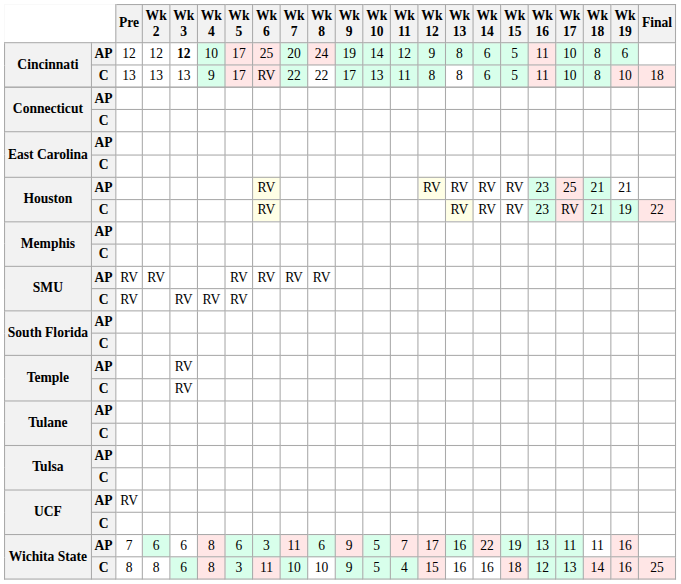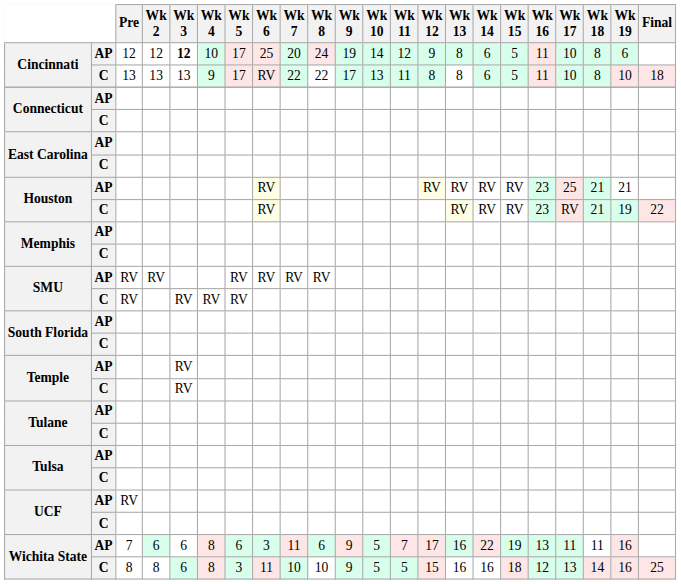 <table class="wikitable" style="white-space:nowrap;font-size:80%;">
 <tr>
 <th colspan="2" style="background:white; border-top-style:hidden; border-left-style:hidden;"> </th>
 <th>Pre</th>
 <th>Wk<br>2</th>
 <th>Wk<br>3</th>
 <th>Wk<br>4</th>
 <th>Wk<br>5</th>
 <th>Wk<br>6</th>
 <th>Wk<br>7</th>
 <th>Wk<br>8</th>
 <th>Wk<br>9</th>
 <th>Wk<br>10</th>
 <th>Wk<br>11</th>
 <th>Wk<br>12</th>
 <th>Wk<br>13</th>
 <th>Wk<br>14</th>
 <th>Wk<br>15</th>
 <th>Wk<br>16</th>
 <th>Wk<br>17</th>
 <th>Wk<br>18</th>
 <th>Wk<br>19</th>
 <th>Final</th>
 </tr>
 <tr style="text-align:center;">
 <th rowspan="2" style=>Cincinnati</th>
 <th>AP</th>
 <td style="background:#FFF;">12</td>
 <td style="background:#FFF;">12</td>
 <td style="background:#FFF;"><strong>12</strong></td>
 <td style="background:#d8ffeb;">10</td>
 <td style="background:#FFe6e6;">17</td>
 <td style="background:#FFe6e6;">25</td>
 <td style="background:#d8ffeb;">20</td>
 <td style="background:#FFe6e6;">24</td>
 <td style="background:#d8ffeb;">19</td>
 <td style="background:#d8ffeb;">14</td>
 <td style="background:#d8ffeb;">12</td>
 <td style="background:#d8ffeb;">9</td>
 <td style="background:#d8ffeb;">8</td>
 <td style="background:#D8FFEB;">6</td>
 <td style="background:#D8FFEB;">5</td>
 <td style="background:#FFE6E6;">11</td>
 <td style="background:#D8FFEB;">10</td>
 <td style="background:#D8FFEB;">8</td>
 <td style="background:#D8FFEB;">6</td>
 <td style="background:#FFF;"></td>
 </tr>
 <tr style="text-align:center;">
 <th>C</th>
 <td style="background:#FFF;">13</td>
 <td style="background:#FFF;">13</td>
 <td style="background:#FFF;">13</td>
 <td style="background:#d8ffeb;">9</td>
 <td style="background:#FFe6e6;">17</td>
 <td style="background:#FFe6e6;">RV</td>
 <td style="background:#d8ffeb;">22</td>
 <td style="background:#FFF;">22</td>
 <td style="background:#d8ffeb;">17</td>
 <td style="background:#d8ffeb;">13</td>
 <td style="background:#d8ffeb;">11</td>
 <td style="background:#d8ffeb;">8</td>
 <td style="background:#FFF;">8</td>
 <td style="background:#D8FFEB;">6</td>
 <td style="background:#D8FFEB;">5</td>
 <td style="background:#FFE6E6;">11</td>
 <td style="background:#D8FFEB;">10</td>
 <td style="background:#D8FFEB;">8</td>
 <td style="background:#FFE6E6;">10</td>
 <td style="background:#FFE6E6;">18</td>
 </tr>
 <tr style="text-align:center;">
 </tr>
 <tr style="text-align:center;">
 <th rowspan="2">Connecticut</th>
 <th>AP</th>
 <td style="background:#FFF;"></td>
 <td style="background:#Fff;"></td>
 <td style="background:#FFF;"></td>
 <td style="background:#FFF;"></td>
 <td style="background:#FFF;"></td>
 <td style="background:#FFF;"></td>
 <td style="background:#FFF;"></td>
 <td style="background:#FFF;"></td>
 <td style="background:#FFF;"></td>
 <td style="background:#FFF;"></td>
 <td style="background:#FFF;"></td>
 <td style="background:#FFF;"></td>
 <td style="background:#FFF;"></td>
 <td style="background:#FFF;"></td>
 <td style="background:#FFF;"></td>
 <td style="background:#FFF;"></td>
 <td style="background:#FFF;"></td>
 <td style="background:#FFF;"></td>
 <td style="background:#FFF;"></td>
 <td style="background:#FFF;"></td>
 </tr>
 <tr style="text-align:center;">
 <th>C</th>
 <td style="background:#FFF;"></td>
 <td style="background:#FFf;"></td>
 <td style="background:#FFF;"></td>
 <td style="background:#FFF;"></td>
 <td style="background:#FFF;"></td>
 <td style="background:#FFF;"></td>
 <td style="background:#FFF;"></td>
 <td style="background:#FFF;"></td>
 <td style="background:#FFF;"></td>
 <td style="background:#FFF;"></td>
 <td style="background:#FFF;"></td>
 <td style="background:#FFF;"></td>
 <td style="background:#FFF;"></td>
 <td style="background:#FFF;"></td>
 <td style="background:#FFF;"></td>
 <td style="background:#FFF;"></td>
 <td style="background:#FFF;"></td>
 <td style="background:#FFF;"></td>
 <td style="background:#FFF;"></td>
 <td style="background:#FFF;"></td>
 </tr>
 <tr style="text-align:center;">
 <th rowspan="2" style=>East Carolina</th>
 <th>AP</th>
 <td style="background:#FFF;"></td>
 <td style="background:#FFF;"></td>
 <td style="background:#FFF;"></td>
 <td style="background:#FFF;"></td>
 <td style="background:#FFF;"></td>
 <td style="background:#FFF;"></td>
 <td style="background:#FFF;"></td>
 <td style="background:#FFF;"></td>
 <td style="background:#FFF;"></td>
 <td style="background:#FFF;"></td>
 <td style="background:#FFF;"></td>
 <td style="background:#FFF;"></td>
 <td style="background:#FFF;"></td>
 <td style="background:#FFF;"></td>
 <td style="background:#FFF;"></td>
 <td style="background:#FFF;"></td>
 <td style="background:#FFF;"></td>
 <td style="background:#FFF;"></td>
 <td style="background:#FFF;"></td>
 <td style="background:#FFF;"></td>
 </tr>
 <tr style="text-align:center;">
 <th>C</th>
 <td style="background:#FFF;"></td>
 <td style="background:#FFF;"></td>
 <td style="background:#FFF;"></td>
 <td style="background:#FFF;"></td>
 <td style="background:#FFF;"></td>
 <td style="background:#FFF;"></td>
 <td style="background:#FFF;"></td>
 <td style="background:#FFF;"></td>
 <td style="background:#FFF;"></td>
 <td style="background:#FFF;"></td>
 <td style="background:#FFF;"></td>
 <td style="background:#FFF;"></td>
 <td style="background:#FFF;"></td>
 <td style="background:#FFF;"></td>
 <td style="background:#FFF;"></td>
 <td style="background:#FFF;"></td>
 <td style="background:#FFF;"></td>
 <td style="background:#FFF;"></td>
 <td style="background:#FFF;"></td>
 <td style="background:#FFF;"></td>
 </tr>
 <tr style="text-align:center;">
 <th rowspan="2">Houston</th>
 <th>AP</th>
 <td style="background:#FFF;"></td>
 <td style="background:#FFF;"></td>
 <td style="background:#FFF;"></td>
 <td style="background:#FFF;"></td>
 <td style="background:#FFF;"></td>
 <td style="background:#FFFFE6;">RV</td>
 <td style="background:#FFF;"></td>
 <td style="background:#FFF;"></td>
 <td style="background:#FFF;"></td>
 <td style="background:#FFF;"></td>
 <td style="background:#FFF;"></td>
 <td style="background:#FFFFE6;">RV</td>
 <td style="background:#FFF;">RV</td>
 <td style="background:#FFF;">RV</td>
 <td style="background:#FFF;">RV</td>
 <td style="background:#D8FFEB;">23</td>
 <td style="background:#FFE6E6;">25</td>
 <td style="background:#D8FFEB;">21</td>
 <td style="background:#FFF;">21</td>
 <td style="background:#FFF;"></td>
 </tr>
 <tr style="text-align:center;">
 <th>C</th>
 <td style="background:#FFF;"></td>
 <td style="background:#FFF;"></td>
 <td style="background:#FFF;"></td>
 <td style="background:#FFF;"></td>
 <td style="background:#FFF;"></td>
 <td style="background:#FFFFE6;">RV</td>
 <td style="background:#FFF;"></td>
 <td style="background:#FFF;"></td>
 <td style="background:#FFF;"></td>
 <td style="background:#FFF;"></td>
 <td style="background:#FFF;"></td>
 <td style="background:#FFF;"></td>
 <td style="background:#FFFFE6;">RV</td>
 <td style="background:#FFF;">RV</td>
 <td style="background:#FFF;">RV</td>
 <td style="background:#D8FFEB;">23</td>
 <td style="background:#FFE6E6;">RV</td>
 <td style="background:#D8FFEB;">21</td>
 <td style="background:#D8FFEB;">19</td>
 <td style="background:#FFE6E6;">22</td>
 </tr>
 <tr style="text-align:center;">
 <th rowspan="2">Memphis</th>
 <th>AP</th>
 <td style="background:#FFF;"></td>
 <td style="background:#FFF;"></td>
 <td style="background:#FFF;"></td>
 <td style="background:#FFF;"></td>
 <td style="background:#FFF;"></td>
 <td style="background:#FFF;"></td>
 <td style="background:#FFF;"></td>
 <td style="background:#FFF;"></td>
 <td style="background:#FFF;"></td>
 <td style="background:#FFF;"></td>
 <td style="background:#FFF;"></td>
 <td style="background:#FFF;"></td>
 <td style="background:#FFF;"></td>
 <td style="background:#FFF;"></td>
 <td style="background:#FFF;"></td>
 <td style="background:#FFF;"></td>
 <td style="background:#FFF;"></td>
 <td style="background:#FFF;"></td>
 <td style="background:#FFF;"></td>
 <td style="background:#FFF;"></td>
 </tr>
 <tr style="text-align:center;">
 <th>C</th>
 <td style="background:#FFF;"></td>
 <td style="background:#FFF;"></td>
 <td style="background:#FFF;"></td>
 <td style="background:#FFF;"></td>
 <td style="background:#FFF;"></td>
 <td style="background:#FFF;"></td>
 <td style="background:#FFF;"></td>
 <td style="background:#FFF;"></td>
 <td style="background:#FFF;"></td>
 <td style="background:#FFF;"></td>
 <td style="background:#FFF;"></td>
 <td style="background:#FFF;"></td>
 <td style="background:#FFF;"></td>
 <td style="background:#FFF;"></td>
 <td style="background:#FFF;"></td>
 <td style="background:#FFF;"></td>
 <td style="background:#FFF;"></td>
 <td style="background:#FFF;"></td>
 <td style="background:#FFF;"></td>
 <td style="background:#FFF;"></td>
 </tr>
 <tr style="text-align:center;">
 <th rowspan="2">SMU</th>
 <th>AP</th>
 <td style="background:#FFF;">RV</td>
 <td style="background:#FFF;">RV</td>
 <td style="background:#FFF;"></td>
 <td style="background:#FFF;"></td>
 <td style="background:#FFF;">RV</td>
 <td style="background:#FFF;">RV</td>
 <td style="background:#FFF;">RV</td>
 <td style="background:#FFF;">RV</td>
 <td style="background:#FFF;"></td>
 <td style="background:#FFF;"></td>
 <td style="background:#FFF;"></td>
 <td style="background:#FFF;"></td>
 <td style="background:#FFF;"></td>
 <td style="background:#FFF;"></td>
 <td style="background:#FFF;"></td>
 <td style="background:#FFF;"></td>
 <td style="background:#FFF;"></td>
 <td style="background:#FFF;"></td>
 <td style="background:#FFF;"></td>
 <td style="background:#FFF;"></td>
 </tr>
 <tr style="text-align:center;">
 <th>C</th>
 <td style="background:#FFF;">RV</td>
 <td style="background:#FFF;"></td>
 <td style="background:#FFF;">RV</td>
 <td style="background:#FFF;">RV</td>
 <td style="background:#FFF;">RV</td>
 <td style="background:#FFF;"></td>
 <td style="background:#FFF;"></td>
 <td style="background:#FFF;"></td>
 <td style="background:#FFF;"></td>
 <td style="background:#FFF;"></td>
 <td style="background:#FFF;"></td>
 <td style="background:#FFF;"></td>
 <td style="background:#FFF;"></td>
 <td style="background:#FFF;"></td>
 <td style="background:#FFF;"></td>
 <td style="background:#FFF;"></td>
 <td style="background:#FFF;"></td>
 <td style="background:#FFF;"></td>
 <td style="background:#FFF;"></td>
 <td style="background:#FFF;"></td>
 </tr>
 <tr style="text-align:center;">
 <th rowspan="2">South Florida</th>
 <th>AP</th>
 <td style="background:#FFF;"></td>
 <td style="background:#FFF;"></td>
 <td style="background:#FFF;"></td>
 <td style="background:#FFF;"></td>
 <td style="background:#FFF;"></td>
 <td style="background:#FFF;"></td>
 <td style="background:#FFF;"></td>
 <td style="background:#FFF;"></td>
 <td style="background:#FFF;"></td>
 <td style="background:#FFF;"></td>
 <td style="background:#FFF;"></td>
 <td style="background:#FFF;"></td>
 <td style="background:#FFF;"></td>
 <td style="background:#FFF;"></td>
 <td style="background:#FFF;"></td>
 <td style="background:#FFF;"></td>
 <td style="background:#FFF;"></td>
 <td style="background:#FFF;"></td>
 <td style="background:#FFF;"></td>
 <td style="background:#FFF;"></td>
 </tr>
 <tr style="text-align:center;">
 <th>C</th>
 <td style="background:#FFF;"></td>
 <td style="background:#FFF;"></td>
 <td style="background:#FFF;"></td>
 <td style="background:#FFF;"></td>
 <td style="background:#FFF;"></td>
 <td style="background:#FFF;"></td>
 <td style="background:#FFF;"></td>
 <td style="background:#FFF;"></td>
 <td style="background:#FFF;"></td>
 <td style="background:#FFF;"></td>
 <td style="background:#FFF;"></td>
 <td style="background:#FFF;"></td>
 <td style="background:#FFF;"></td>
 <td style="background:#FFF;"></td>
 <td style="background:#FFF;"></td>
 <td style="background:#FFF;"></td>
 <td style="background:#FFF;"></td>
 <td style="background:#FFF;"></td>
 <td style="background:#FFF;"></td>
 <td style="background:#FFF;"></td>
 </tr>
 <tr style="text-align:center;">
 <th rowspan="2">Temple</th>
 <th>AP</th>
 <td style="background:#FFF;"></td>
 <td style="background:#FFF;"></td>
 <td style="background:#FFF;">RV</td>
 <td style="background:#FFF;"></td>
 <td style="background:#FFF;"></td>
 <td style="background:#FFF;"></td>
 <td style="background:#FFF;"></td>
 <td style="background:#FFF;"></td>
 <td style="background:#FFF;"></td>
 <td style="background:#FFF;"></td>
 <td style="background:#FFF;"></td>
 <td style="background:#FFF;"></td>
 <td style="background:#FFF;"></td>
 <td style="background:#FFF;"></td>
 <td style="background:#FFF;"></td>
 <td style="background:#FFF;"></td>
 <td style="background:#FFF;"></td>
 <td style="background:#FFF;"></td>
 <td style="background:#FFF;"></td>
 <td style="background:#FFF;"></td>
 </tr>
 <tr style="text-align:center;">
 <th>C</th>
 <td style="background:#FFF;"></td>
 <td style="background:#FFF;"></td>
 <td style="background:#FFF;">RV</td>
 <td style="background:#FFF;"></td>
 <td style="background:#FFF;"></td>
 <td style="background:#FFF;"></td>
 <td style="background:#FFF;"></td>
 <td style="background:#FFF;"></td>
 <td style="background:#FFF;"></td>
 <td style="background:#FFF;"></td>
 <td style="background:#FFF;"></td>
 <td style="background:#FFF;"></td>
 <td style="background:#FFF;"></td>
 <td style="background:#FFF;"></td>
 <td style="background:#FFF;"></td>
 <td style="background:#FFF;"></td>
 <td style="background:#FFF;"></td>
 <td style="background:#FFF;"></td>
 <td style="background:#FFF;"></td>
 <td style="background:#FFF;"></td>
 </tr>
 <tr style="text-align:center;">
 <th rowspan="2">Tulane</th>
 <th>AP</th>
 <td style="background:#FFF;"></td>
 <td style="background:#FFF;"></td>
 <td style="background:#FFF;"></td>
 <td style="background:#FFF;"></td>
 <td style="background:#FFF;"></td>
 <td style="background:#FFF;"></td>
 <td style="background:#FFF;"></td>
 <td style="background:#FFF;"></td>
 <td style="background:#FFF;"></td>
 <td style="background:#FFF;"></td>
 <td style="background:#FFF;"></td>
 <td style="background:#FFF;"></td>
 <td style="background:#FFF;"></td>
 <td style="background:#FFF;"></td>
 <td style="background:#FFF;"></td>
 <td style="background:#FFF;"></td>
 <td style="background:#FFF;"></td>
 <td style="background:#FFF;"></td>
 <td style="background:#FFF;"></td>
 <td style="background:#FFF;"></td>
 </tr>
 <tr style="text-align:center;">
 <th>C</th>
 <td style="background:#FFF;"></td>
 <td style="background:#FFF;"></td>
 <td style="background:#FFF;"></td>
 <td style="background:#FFF;"></td>
 <td style="background:#FFF;"></td>
 <td style="background:#FFF;"></td>
 <td style="background:#FFF;"></td>
 <td style="background:#FFF;"></td>
 <td style="background:#FFF;"></td>
 <td style="background:#FFF;"></td>
 <td style="background:#FFF;"></td>
 <td style="background:#FFF;"></td>
 <td style="background:#FFF;"></td>
 <td style="background:#FFF;"></td>
 <td style="background:#FFF;"></td>
 <td style="background:#FFF;"></td>
 <td style="background:#FFF;"></td>
 <td style="background:#FFF;"></td>
 <td style="background:#FFF;"></td>
 <td style="background:#FFF;"></td>
 </tr>
 <tr style="text-align:center;">
 <th rowspan="2">Tulsa</th>
 <th>AP</th>
 <td style="background:#FFF;"></td>
 <td style="background:#FFF;"></td>
 <td style="background:#FFF;"></td>
 <td style="background:#FFF;"></td>
 <td style="background:#FFF;"></td>
 <td style="background:#FFF;"></td>
 <td style="background:#FFF;"></td>
 <td style="background:#FFF;"></td>
 <td style="background:#FFF;"></td>
 <td style="background:#FFF;"></td>
 <td style="background:#FFF;"></td>
 <td style="background:#FFF;"></td>
 <td style="background:#FFF;"></td>
 <td style="background:#FFF;"></td>
 <td style="background:#FFF;"></td>
 <td style="background:#FFF;"></td>
 <td style="background:#FFF;"></td>
 <td style="background:#FFF;"></td>
 <td style="background:#FFF;"></td>
 <td style="background:#FFF;"></td>
 </tr>
 <tr style="text-align:center;">
 <th>C</th>
 <td style="background:#FFF;"></td>
 <td style="background:#FFF;"></td>
 <td style="background:#FFF;"></td>
 <td style="background:#FFF;"></td>
 <td style="background:#FFF;"></td>
 <td style="background:#FFF;"></td>
 <td style="background:#FFF;"></td>
 <td style="background:#FFF;"></td>
 <td style="background:#FFF;"></td>
 <td style="background:#FFF;"></td>
 <td style="background:#FFF;"></td>
 <td style="background:#FFF;"></td>
 <td style="background:#FFF;"></td>
 <td style="background:#FFF;"></td>
 <td style="background:#FFF;"></td>
 <td style="background:#FFF;"></td>
 <td style="background:#FFF;"></td>
 <td style="background:#FFF;"></td>
 <td style="background:#FFF;"></td>
 <td style="background:#FFF;"></td>
 </tr>
 <tr style="text-align:center;">
 <th rowspan="2" style=>UCF</th>
 <th>AP</th>
 <td style="background:#FFF;">RV</td>
 <td style="background:#FFF;"></td>
 <td style="background:#FFF;"></td>
 <td style="background:#FFF;"></td>
 <td style="background:#FFF;"></td>
 <td style="background:#FFF;"></td>
 <td style="background:#FFF;"></td>
 <td style="background:#FFF;"></td>
 <td style="background:#FFF;"></td>
 <td style="background:#FFF;"></td>
 <td style="background:#FFF;"></td>
 <td style="background:#FFF;"></td>
 <td style="background:#FFF;"></td>
 <td style="background:#FFF;"></td>
 <td style="background:#FFF;"></td>
 <td style="background:#FFF;"></td>
 <td style="background:#FFF;"></td>
 <td style="background:#FFF;"></td>
 <td style="background:#FFF;"></td>
 <td style="background:#FFF;"></td>
 </tr>
 <tr style="text-align:center;">
 <th>C</th>
 <td style="background:#FFF;"></td>
 <td style="background:#FFF;"></td>
 <td style="background:#FFF;"></td>
 <td style="background:#FFF;"></td>
 <td style="background:#FFF;"></td>
 <td style="background:#FFF;"></td>
 <td style="background:#FFF;"></td>
 <td style="background:#FFF;"></td>
 <td style="background:#FFF;"></td>
 <td style="background:#FFF;"></td>
 <td style="background:#FFF;"></td>
 <td style="background:#FFF;"></td>
 <td style="background:#FFF;"></td>
 <td style="background:#FFF;"></td>
 <td style="background:#FFF;"></td>
 <td style="background:#FFF;"></td>
 <td style="background:#FFF;"></td>
 <td style="background:#FFF;"></td>
 <td style="background:#FFF;"></td>
 <td style="background:#FFF;"></td>
 </tr>
 <tr style="text-align:center;">
 <th rowspan="2" style=>Wichita State</th>
 <th>AP</th>
 <td style="background:#FFF;">7</td>
 <td style="background:#d8ffeb;">6</td>
 <td style="background:#FFF;">6</td>
 <td style="background:#FFe6e6;">8</td>
 <td style="background:#d8ffeb;">6</td>
 <td style="background:#d8ffeb;">3</td>
 <td style="background:#FFe6e6;">11</td>
 <td style="background:#d8ffeb;">6</td>
 <td style="background:#FFe6e6;">9</td>
 <td style="background:#d8ffeb;">5</td>
 <td style="background:#ffe6e6;">7</td>
 <td style="background:#FFe6e6;">17</td>
 <td style="background:#d8ffeb;">16</td>
 <td style="background:#ffE6E6;">22</td>
 <td style="background:#D8FFEB;">19</td>
 <td style="background:#D8FFEB;">13</td>
 <td style="background:#D8FFEB;">11</td>
 <td style="background:#FFF;">11</td>
 <td style="background:#FFE6E6;">16</td>
 <td style="background:#FFF;"></td>
 </tr>
 <tr style="text-align:center;">
 <th>C</th>
 <td style="background:#FFF;">8</td>
 <td style="background:#FFF;">8</td>
 <td style="background:#d8ffeb;">6</td>
 <td style="background:#FFe6e6;">8</td>
 <td style="background:#d8ffeb;">3</td>
 <td style="background:#FFe6e6;">11</td>
 <td style="background:#d8ffeb;">10</td>
 <td style="background:#FFF;">10</td>
 <td style="background:#d8ffeb;">9</td>
 <td style="background:#d8ffeb;">5</td>
-<td style="background:#d8ffeb;">4</td>
+<td style="background:#d8ffeb;">5</td>
 <td style="background:#FFe6e6;">15</td>
 <td style="background:#FFF;">16</td>
 <td style="background:#FFF;">16</td>
 <td style="background:#FFE6E6;">18</td>
 <td style="background:#D8FFEB;">12</td>
 <td style="background:#D8FFEB;">13</td>
 <td style="background:#FFE6E6;">14</td>
 <td style="background:#FFE6E6;">16</td>
 <td style="background:#FFE6E6;">25</td>
 </tr>
 </table>
